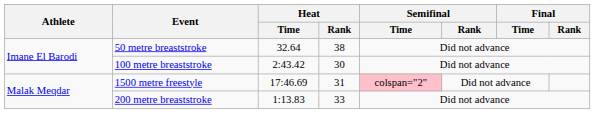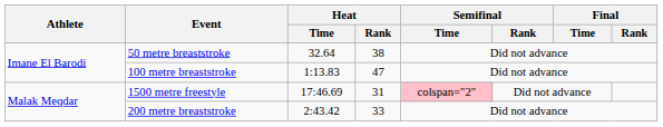 <table class="wikitable" style="text-align:center; font-size:90%; width:50%;">
 <tr>
 <th rowspan="2">Athlete</th>
 <th rowspan="2">Event</th>
 <th colspan="2">Heat</th>
 <th colspan="2">Semifinal</th>
 <th colspan="2">Final</th>
 </tr>
 <tr style="font-size:95%">
 <th>Time</th>
 <th>Rank</th>
 <th>Time</th>
 <th>Rank</th>
 <th>Time</th>
 <th>Rank</th>
 </tr>
 <tr>
 <td align=left rowspan=2><a href='#'>Imane El Barodi</a></td>
 <td align=left><a href='#'>50 metre breaststroke</a></td>
 <td>32.64</td>
 <td>38</td>
 <td colspan=4>Did not advance</td>
 </tr>
 <tr>
 <td align=left><a href='#'>100 metre breaststroke</a></td>
-<td>2:43.42</td>
-<td>30</td>
+<td>1:13.83</td>
+<td>47</td>
 <td colspan=4>Did not advance</td>
 </tr>
 <tr>
 <td align=left rowspan=2><a href='#'>Malak Meqdar</a></td>
 <td align=left><a href='#'>1500 metre freestyle</a></td>
 <td>17:46.69</td>
 <td>31</td>
 <td style="background: pink;">colspan="2" </td>
 <td colspan="2">Did not advance</td>
 </tr>
 <tr>
 <td align=left><a href='#'>200 metre breaststroke</a></td>
-<td>1:13.83</td>
+<td>2:43.42</td>
 <td>33</td>
 <td colspan=4>Did not advance</td>
 </tr>
 </table>
